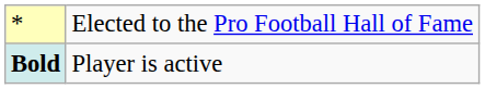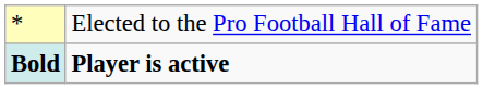 <table class="wikitable">
 <tr>
 <td style="background-color: #ffffbb">*</td>
 <td>Elected to the <a href='#'>Pro Football Hall of Fame</a></td>
 </tr>
 <tr>
 <td style="background:#cfecec;"><strong>Bold</strong></td>
-<td>Player is active</td>
+<td><strong>Player is active</strong></td>
 </tr>
 </table>
